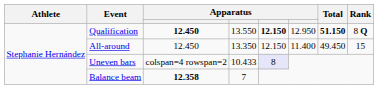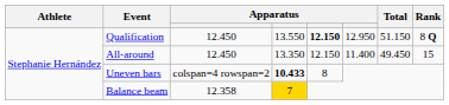 <table class="wikitable" style="font-size:90%">
 <tr>
 <th rowspan=2>Athlete</th>
 <th rowspan=2>Event</th>
 <th colspan =4>Apparatus</th>
 <th rowspan=2>Total</th>
 <th rowspan=2>Rank</th>
 </tr>
 <tr style="font-size:95%">
 <th></th>
 <th></th>
 <th></th>
 <th></th>
 </tr>
 <tr align=center>
 <td align=left rowspan=4><a href='#'>Stephanie Hernández</a></td>
 <td align=left><a href='#'>Qualification</a></td>
-<td><strong>12.450</strong></td>
+<td>12.450</td>
 <td>13.550</td>
 <td><strong>12.150</strong></td>
 <td>12.950</td>
-<td><strong>51.150</strong></td>
+<td>51.150</td>
 <td>8 <strong>Q</strong></td>
 </tr>
 <tr align=center>
 <td align=left><a href='#'>All-around</a></td>
 <td>12.450</td>
 <td>13.350</td>
 <td>12.150</td>
 <td>11.400</td>
 <td>49.450</td>
 <td>15</td>
 </tr>
 <tr align=center>
 <td align=left><a href='#'>Uneven bars</a></td>
 <td>colspan=4 rowspan=2 </td>
-<td>10.433</td>
-<td style="background: lavender;">8</td>
+<td><strong>10.433</strong></td>
+<td>8</td>
 </tr>
 <tr align=center>
 <td align=left><a href='#'>Balance beam</a></td>
-<td><strong>12.358</strong></td>
-<td>7</td>
+<td>12.358</td>
+<td style="background: gold;">7</td>
 </tr>
 </table>
